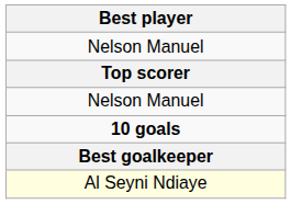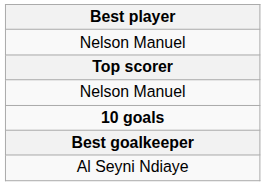 <table class="wikitable" style="margin: 1em auto;">
 <tr>
 <th width=250>Best player</th>
 </tr>
 <tr>
 <td align=center> Nelson Manuel</td>
 </tr>
 <tr>
 <th>Top scorer</th>
 </tr>
 <tr>
 <td align=center> Nelson Manuel</td>
 </tr>
 <tr>
 <td align=center><strong>10 goals</strong></td>
 </tr>
 <tr>
 <th>Best goalkeeper</th>
 </tr>
 <tr>
-<td align=center style="background: lightyellow;"> Al Seyni Ndiaye</td>
+<td align=center> Al Seyni Ndiaye</td>
 </tr>
 </table>
